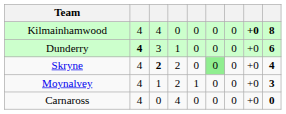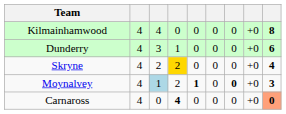 <table class="wikitable" style="text-align:center">
 <tr>
 <th style="width:175px;">Team</th>
 <th width="20"></th>
 <th width="20"></th>
 <th width="20"></th>
 <th width="20"></th>
 <th width="20"></th>
 <th width="20"></th>
 <th width="20"></th>
 <th width="20"></th>
 </tr>
 <tr style="background:#cfc;">
 <td>Kilmainhamwood</td>
 <td>4</td>
 <td>4</td>
 <td>0</td>
 <td>0</td>
 <td>0</td>
 <td>0</td>
-<td><strong>+0</strong></td>
+<td>+0</td>
 <td><strong>8</strong></td>
 </tr>
 <tr style="background:#cfc;">
 <td>Dunderry</td>
-<td><strong>4</strong></td>
+<td>4</td>
 <td>3</td>
 <td>1</td>
 <td>0</td>
 <td>0</td>
 <td>0</td>
 <td>+0</td>
 <td><strong>6</strong></td>
 </tr>
 <tr>
 <td><a href='#'>Skryne</a></td>
 <td>4</td>
-<td><strong>2</strong></td>
 <td>2</td>
+<td style="background: gold;">2</td>
 <td>0</td>
-<td style="background: lightgreen;">0</td>
+<td>0</td>
 <td>0</td>
 <td>+0</td>
 <td><strong>4</strong></td>
 </tr>
 <tr>
 <td><a href='#'>Moynalvey</a></td>
 <td>4</td>
-<td>1</td>
+<td style="background: lightblue;">1</td>
 <td>2</td>
-<td>1</td>
+<td><strong>1</strong></td>
 <td>0</td>
-<td>0</td>
+<td><strong>0</strong></td>
 <td>+0</td>
 <td><strong>3</strong></td>
 </tr>
 <tr>
 <td>Carnaross</td>
 <td>4</td>
 <td>0</td>
-<td>4</td>
+<td><strong>4</strong></td>
 <td>0</td>
 <td>0</td>
 <td>0</td>
 <td>+0</td>
-<td><strong>0</strong></td>
+<td style="background: lightsalmon;"><strong>0</strong></td>
 </tr>
 </table>
